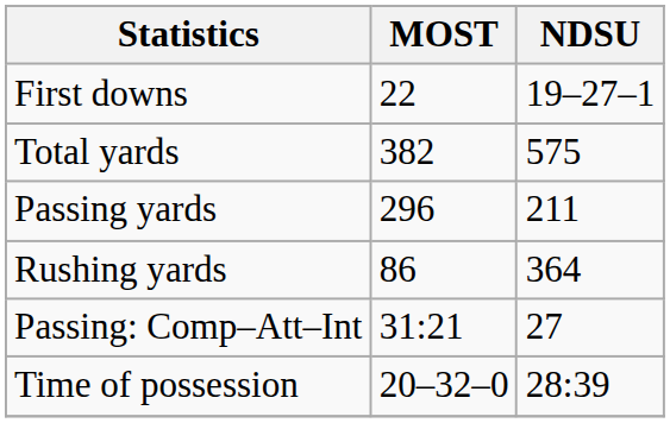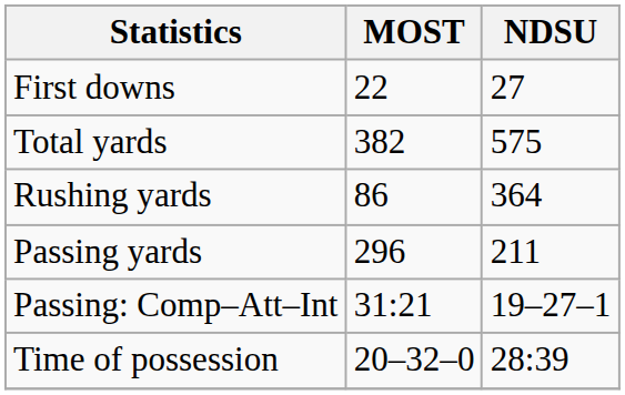 <table class="wikitable" style="float: left;">
 <tr>
 <th>Statistics</th>
 <th>MOST</th>
 <th>NDSU</th>
 </tr>
 <tr>
 <td>First downs</td>
 <td>22</td>
-<td>19–27–1</td>
+<td>27</td>
 </tr>
 <tr>
 <td>Total yards</td>
 <td>382</td>
 <td>575</td>
 </tr>
 <tr>
+<td>Rushing yards</td>
+<td>86</td>
+<td>364</td>
+</tr>
+<tr>
 <td>Passing yards</td>
 <td>296</td>
 <td>211</td>
 </tr>
 <tr>
-<td>Rushing yards</td>
-<td>86</td>
-<td>364</td>
-</tr>
-<tr>
 <td>Passing: Comp–Att–Int</td>
 <td>31:21</td>
-<td>27</td>
+<td>19–27–1</td>
 </tr>
 <tr>
 <td>Time of possession</td>
 <td>20–32–0</td>
 <td>28:39</td>
 </tr>
 <tr>
 </tr>
 </table>
